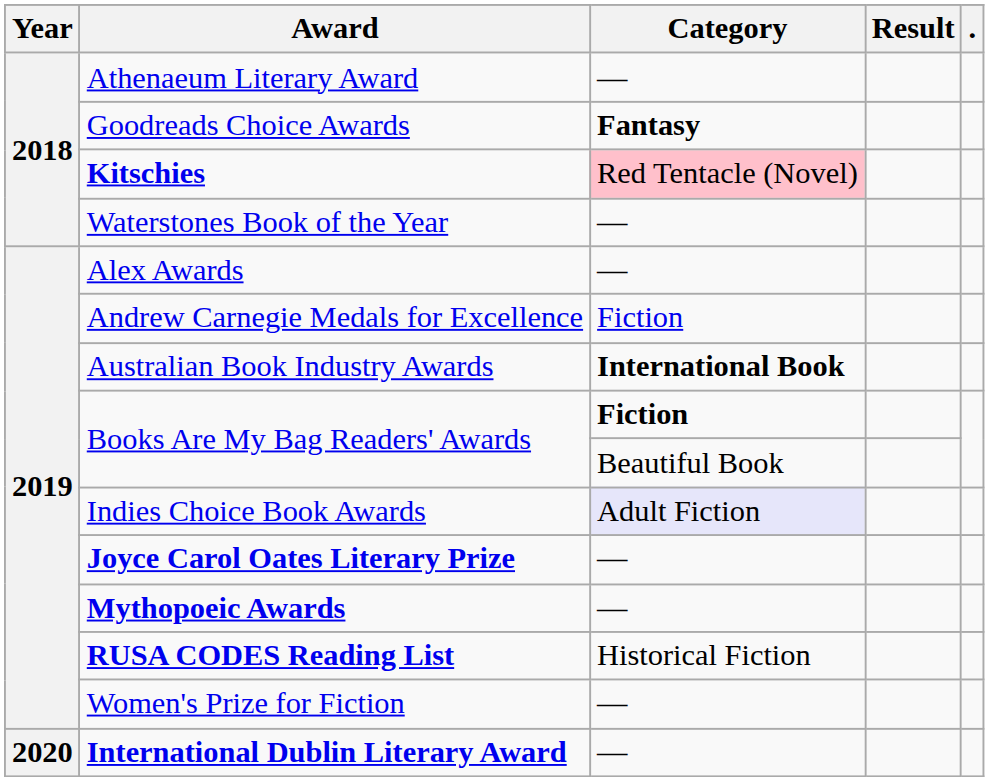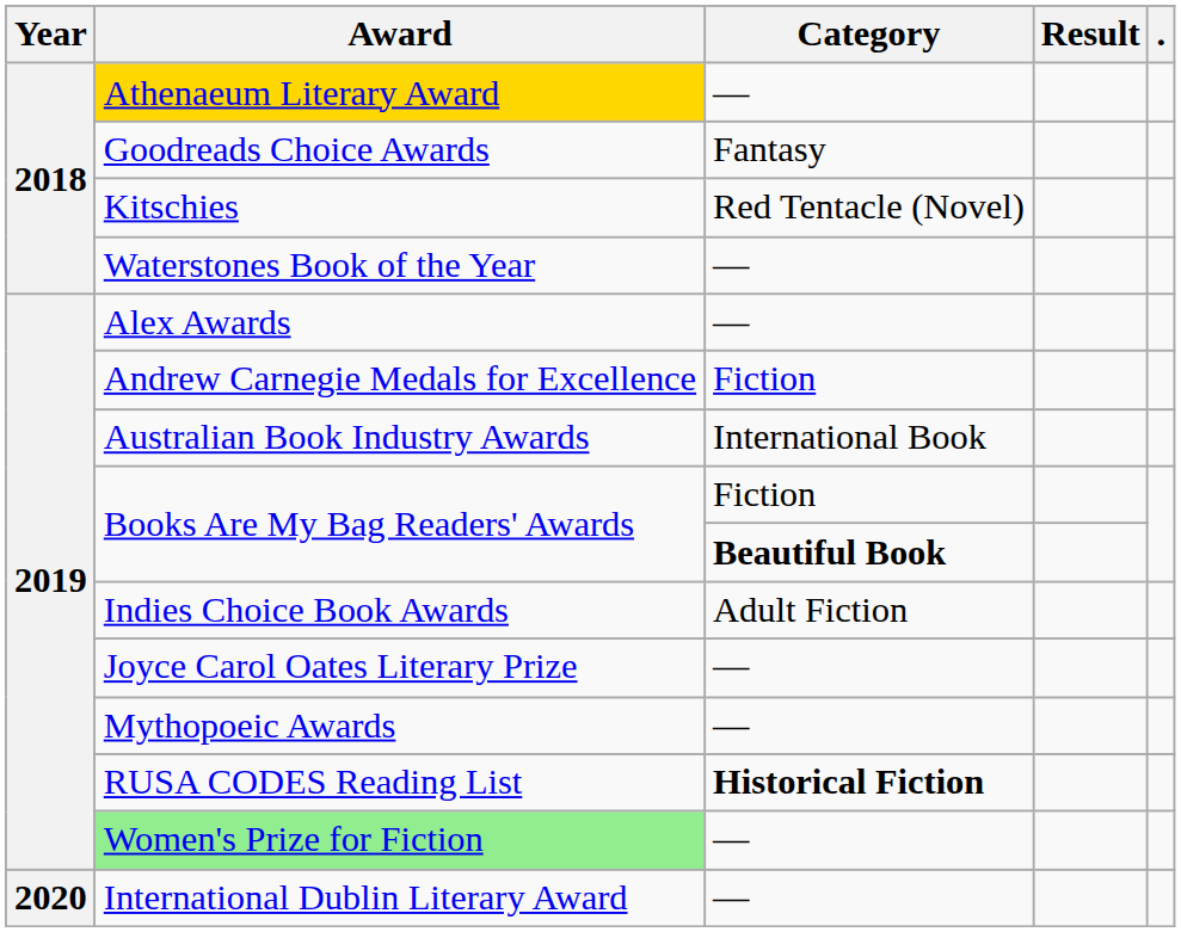 <table class="wikitable sortable">
 <tr>
 <th>Year</th>
 <th>Award</th>
 <th>Category</th>
 <th>Result</th>
 <th>.</th>
 </tr>
 <tr>
 <th rowspan=4>2018</th>
-<td><a href='#'>Athenaeum Literary Award</a></td>
+<td style="background: gold;"><a href='#'>Athenaeum Literary Award</a></td>
 <td>—</td>
 <td></td>
 <td></td>
 </tr>
 <tr>
 <td><a href='#'>Goodreads Choice Awards</a></td>
-<td><strong>Fantasy</strong></td>
+<td>Fantasy</td>
 <td></td>
 <td></td>
 </tr>
 <tr>
-<td><strong><a href='#'>Kitschies</a></strong></td>
-<td style="background: pink;">Red Tentacle (Novel)</td>
+<td><a href='#'>Kitschies</a></td>
+<td>Red Tentacle (Novel)</td>
 <td></td>
 <td></td>
 </tr>
 <tr>
 <td><a href='#'>Waterstones Book of the Year</a></td>
 <td>—</td>
 <td></td>
 <td></td>
 </tr>
 <tr>
 <th rowspan="10">2019</th>
 <td><a href='#'>Alex Awards</a></td>
 <td>—</td>
 <td></td>
 <td></td>
 </tr>
 <tr>
 <td><a href='#'>Andrew Carnegie Medals for Excellence</a></td>
 <td><a href='#'>Fiction</a></td>
 <td></td>
 <td></td>
 </tr>
 <tr>
 <td><a href='#'>Australian Book Industry Awards</a></td>
-<td><strong>International Book</strong></td>
+<td>International Book</td>
 <td></td>
 <td></td>
 </tr>
 <tr>
 <td rowspan="2"><a href='#'>Books Are My Bag Readers' Awards</a></td>
-<td><strong>Fiction</strong></td>
+<td>Fiction</td>
 <td></td>
 <td rowspan="2"></td>
 </tr>
 <tr>
-<td>Beautiful Book</td>
+<td><strong>Beautiful Book</strong></td>
 <td></td>
 </tr>
 <tr>
 <td><a href='#'>Indies Choice Book Awards</a></td>
-<td style="background: lavender;">Adult Fiction</td>
+<td>Adult Fiction</td>
 <td></td>
 <td></td>
 </tr>
 <tr>
-<td><strong><a href='#'>Joyce Carol Oates Literary Prize</a></strong></td>
+<td><a href='#'>Joyce Carol Oates Literary Prize</a></td>
 <td>—</td>
 <td></td>
 <td></td>
 </tr>
 <tr>
-<td><strong><a href='#'>Mythopoeic Awards</a></strong></td>
+<td><a href='#'>Mythopoeic Awards</a></td>
 <td>—</td>
 <td></td>
 <td></td>
 </tr>
 <tr>
-<td><strong><a href='#'>RUSA CODES Reading List</a></strong></td>
-<td>Historical Fiction</td>
+<td><a href='#'>RUSA CODES Reading List</a></td>
+<td><strong>Historical Fiction</strong></td>
 <td></td>
 <td></td>
 </tr>
 <tr>
-<td><a href='#'>Women's Prize for Fiction</a></td>
+<td style="background: lightgreen;"><a href='#'>Women's Prize for Fiction</a></td>
 <td>—</td>
 <td></td>
 <td></td>
 </tr>
 <tr>
 <th rowspan=1>2020</th>
-<td><strong><a href='#'>International Dublin Literary Award</a></strong></td>
+<td><a href='#'>International Dublin Literary Award</a></td>
 <td>—</td>
 <td></td>
 <td></td>
 </tr>
 </table>
